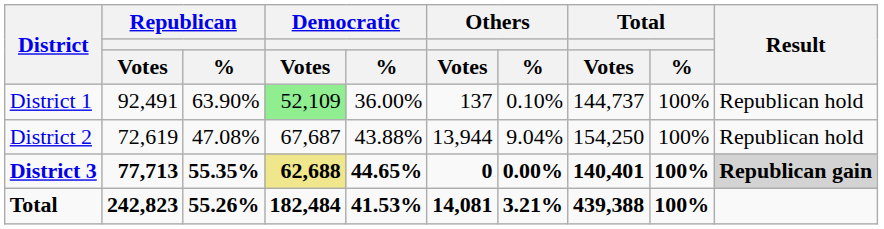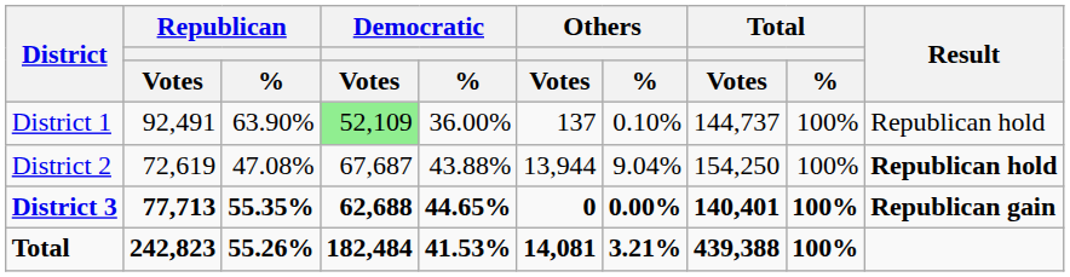 <table class="wikitable plainrowheaders sortable" style="font-size:100%; text-align:right;">
 <tr>
 <th scope=col rowspan=3><a href='#'>District</a></th>
 <th scope=col colspan=2><a href='#'>Republican</a></th>
 <th scope=col colspan=2><a href='#'>Democratic</a></th>
 <th scope=col colspan=2>Others</th>
 <th scope=col colspan=2>Total</th>
 <th scope=col rowspan=3>Result</th>
 </tr>
 <tr>
 <th scope=col colspan=2 style="background:"></th>
 <th scope=col colspan=2 style="background:"></th>
 <th scope=col colspan=2></th>
 <th scope=col colspan=2></th>
 </tr>
 <tr>
 <th scope=col data-sort-type="number">Votes</th>
 <th scope=col data-sort-type="number">%</th>
 <th scope=col data-sort-type="number">Votes</th>
 <th scope=col data-sort-type="number">%</th>
 <th scope=col data-sort-type="number">Votes</th>
 <th scope=col data-sort-type="number">%</th>
 <th scope=col data-sort-type="number">Votes</th>
 <th scope=col data-sort-type="number">%</th>
 </tr>
 <tr>
 <td align=left><a href='#'>District 1</a></td>
 <td>92,491</td>
 <td>63.90%</td>
 <td style="background: lightgreen;">52,109</td>
 <td>36.00%</td>
 <td>137</td>
 <td>0.10%</td>
 <td>144,737</td>
 <td>100%</td>
 <td align=left>Republican hold</td>
 </tr>
 <tr>
 <td align=left><a href='#'>District 2</a></td>
 <td>72,619</td>
 <td>47.08%</td>
 <td>67,687</td>
 <td>43.88%</td>
 <td>13,944</td>
 <td>9.04%</td>
 <td>154,250</td>
 <td>100%</td>
-<td align=left>Republican hold</td>
+<td align=left><strong>Republican hold</strong></td>
 </tr>
 <tr>
 <td align=left><strong><a href='#'>District 3</a></strong></td>
 <td><strong>77,713</strong></td>
 <td><strong>55.35%</strong></td>
-<td style="background: khaki;"><strong>62,688</strong></td>
+<td><strong>62,688</strong></td>
 <td><strong>44.65%</strong></td>
 <td><strong>0</strong></td>
 <td><strong>0.00%</strong></td>
 <td><strong>140,401</strong></td>
 <td><strong>100%</strong></td>
-<td align=left style="background: lightgrey;"><strong>Republican gain</strong></td>
+<td align=left><strong>Republican gain</strong></td>
 </tr>
 <tr class="sortbottom" style="font-weight:bold">
 <td align=left>Total</td>
 <td>242,823</td>
 <td>55.26%</td>
 <td>182,484</td>
 <td>41.53%</td>
 <td>14,081</td>
 <td>3.21%</td>
 <td>439,388</td>
 <td>100%</td>
 <td></td>
 </tr>
 </table>
